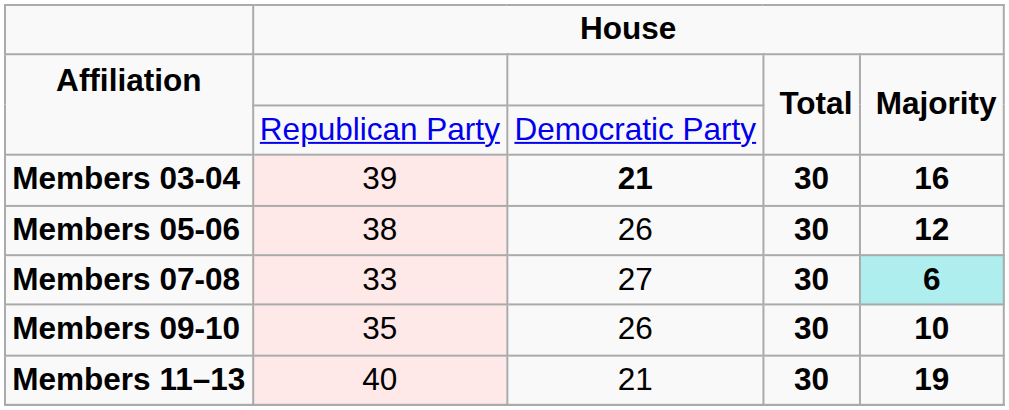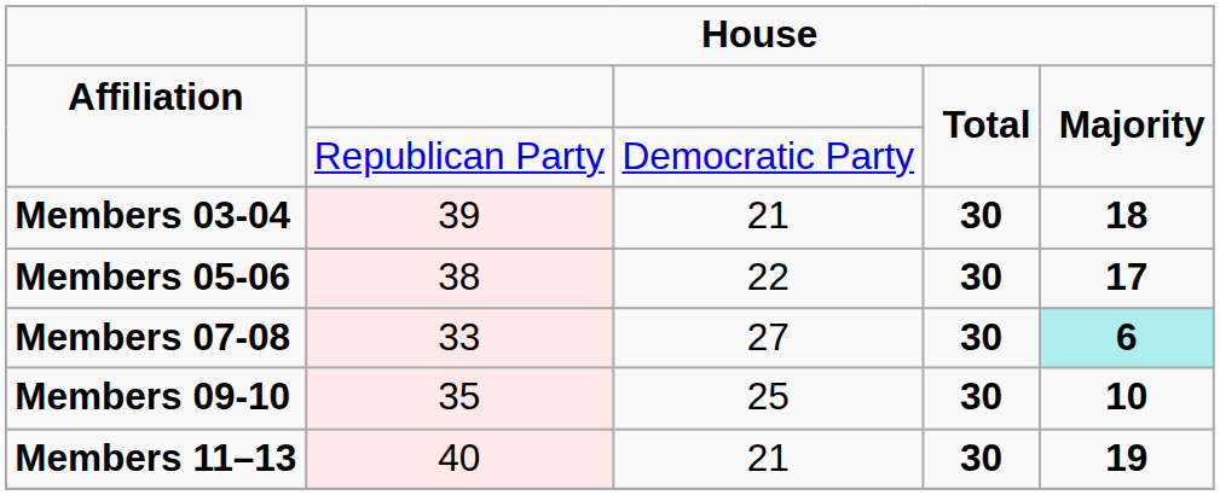 <table class="wikitable">
 <tr>
 <td style="text-align:center;vertical-align:top;"></td>
 <td colspan="4" align="center" valign="top"><strong>House</strong></td>
 </tr>
 <tr>
 <td rowspan="2" style="text-align:center;vertical-align:top;"><strong>Affiliation</strong></td>
 <td style="background-color:"> </td>
 <td style="background-color:"> </td>
 <td rowspan="2"> <strong>Total</strong></td>
 <td rowspan="2"> <strong>Majority</strong><br></td>
 </tr>
 <tr>
 <td><a href='#'>Republican Party</a></td>
 <td><a href='#'>Democratic Party</a></td>
 </tr>
 <tr>
 <td><strong>Members 03-04</strong></td>
 <td style="background:#FFE8E8" align=center>39</td>
-<td style="text-align:center;"><strong>21</strong></td>
+<td style="text-align:center;">21</td>
 <td style="text-align:center;"><strong>30</strong></td>
-<td style="text-align:center;"><strong>16</strong></td>
+<td style="text-align:center;"><strong>18</strong></td>
 </tr>
 <tr>
 <td><strong>Members 05-06</strong></td>
 <td style="background:#FFE8E8" align=center>38</td>
-<td style="text-align:center;">26</td>
+<td style="text-align:center;">22</td>
 <td style="text-align:center;"><strong>30</strong></td>
-<td style="text-align:center;"><strong>12</strong></td>
+<td style="text-align:center;"><strong>17</strong></td>
 </tr>
 <tr>
 <td><strong>Members 07-08</strong></td>
 <td style="background:#FFE8E8" align=center>33</td>
 <td style="text-align:center;">27</td>
 <td style="text-align:center;"><strong>30</strong></td>
 <td style="background: paleturquoise; text-align:center;"><strong>6</strong></td>
 </tr>
 <tr>
 <td><strong>Members 09-10</strong></td>
 <td style="background:#FFE8E8" align=center>35</td>
-<td style="text-align:center;">26</td>
+<td style="text-align:center;">25</td>
 <td style="text-align:center;"><strong>30</strong></td>
 <td style="text-align:center;"><strong>10</strong></td>
 </tr>
 <tr>
 <td><strong>Members 11–13</strong></td>
 <td style="background:#FFE8E8" align=center>40</td>
 <td style="text-align:center;">21</td>
 <td style="text-align:center;"><strong>30</strong></td>
 <td style="text-align:center;"><strong>19</strong></td>
 </tr>
 <tr>
 </tr>
 </table>
